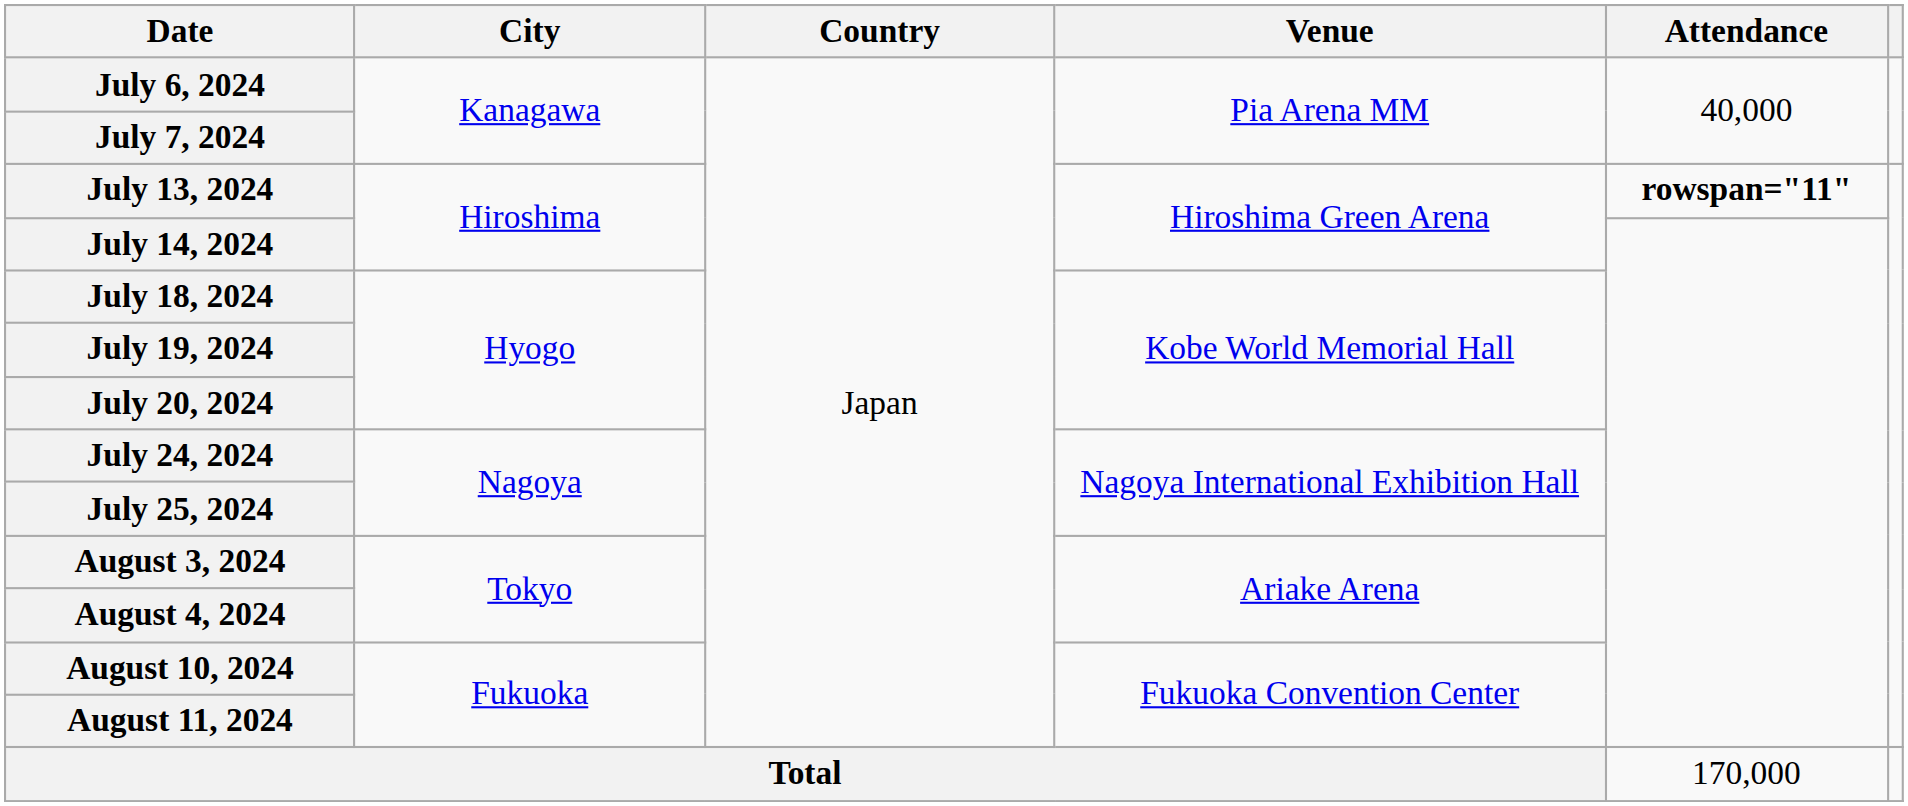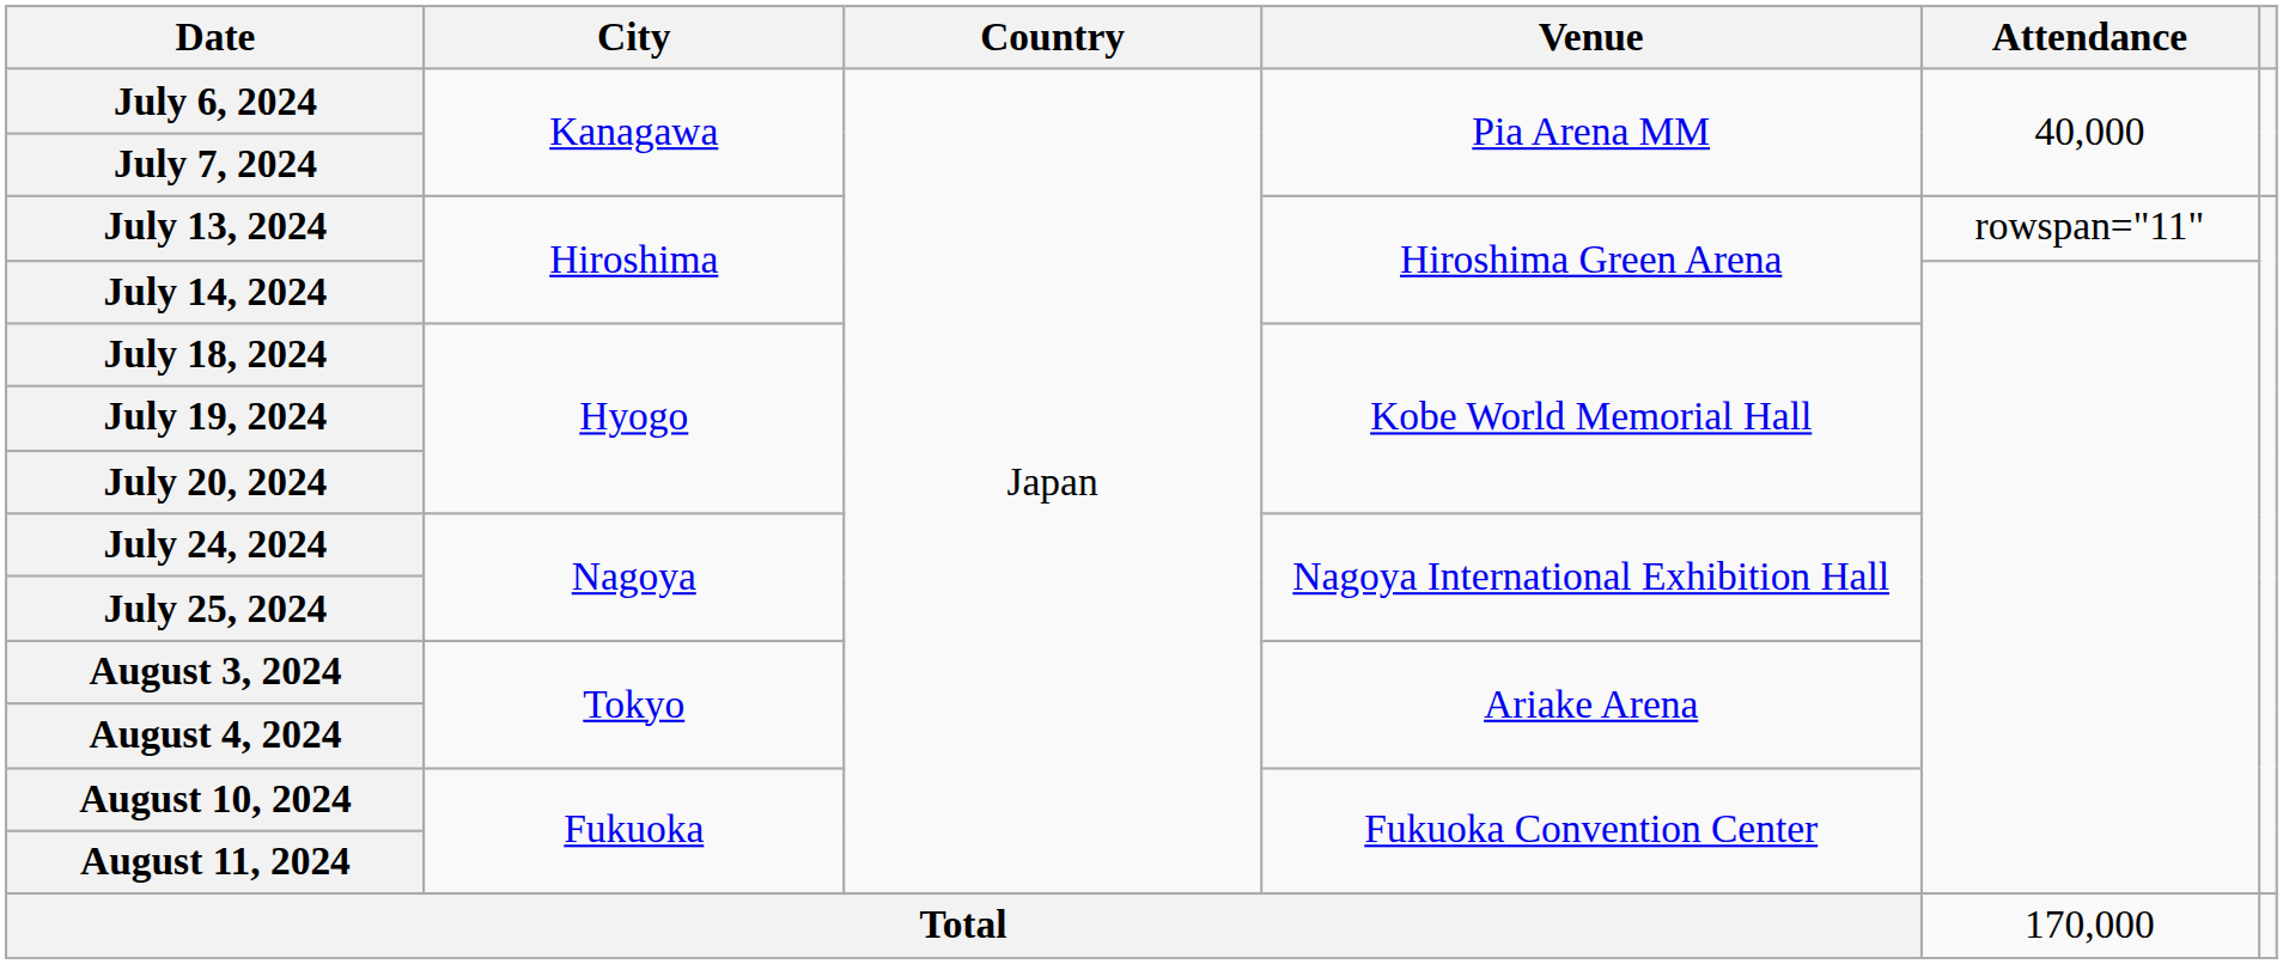 <table class="wikitable sortable plainrowheaders" style="text-align:center;">
 <tr>
 <th style="width:10em;">Date</th>
 <th style="width:10em;">City</th>
 <th style="width:10em;">Country</th>
 <th style="width:16em;">Venue</th>
 <th style="width:8em;">Attendance</th>
 <th scope="col" class="unsortable"></th>
 </tr>
 <tr>
 <th scope="row" style="text-align:center">July 6, 2024</th>
 <td rowspan="2"><a href='#'>Kanagawa</a></td>
 <td rowspan="13">Japan</td>
 <td rowspan="2"><a href='#'>Pia Arena MM</a></td>
 <td rowspan="2">40,000</td>
 <td rowspan="2"></td>
 </tr>
 <tr>
 <th scope="row" style="text-align:center">July 7, 2024</th>
 </tr>
 <tr>
 <th scope="row" style="text-align:center">July 13, 2024</th>
 <td rowspan="2"><a href='#'>Hiroshima</a></td>
 <td rowspan="2"><a href='#'>Hiroshima Green Arena</a></td>
-<td><strong>rowspan="11" </strong></td>
+<td>rowspan="11" </td>
 <td rowspan="11"></td>
 </tr>
 <tr>
 <th scope="row" style="text-align:center">July 14, 2024</th>
 </tr>
 <tr>
 <th scope="row" style="text-align:center">July 18, 2024</th>
 <td rowspan="3"><a href='#'>Hyogo</a></td>
 <td rowspan="3"><a href='#'>Kobe World Memorial Hall</a></td>
 </tr>
 <tr>
 <th scope="row" style="text-align:center">July 19, 2024</th>
 </tr>
 <tr>
 <th scope="row" style="text-align:center">July 20, 2024</th>
 </tr>
 <tr>
 <th scope="row" style="text-align:center">July 24, 2024</th>
 <td rowspan="2"><a href='#'>Nagoya</a></td>
 <td rowspan="2"><a href='#'>Nagoya International Exhibition Hall</a></td>
 </tr>
 <tr>
 <th scope="row" style="text-align:center">July 25, 2024</th>
 </tr>
 <tr>
 <th scope="row" style="text-align:center">August 3, 2024</th>
 <td rowspan="2"><a href='#'>Tokyo</a></td>
 <td rowspan="2"><a href='#'>Ariake Arena</a></td>
 </tr>
 <tr>
 <th scope="row" style="text-align:center">August 4, 2024</th>
 </tr>
 <tr>
 <th scope="row" style="text-align:center">August 10, 2024</th>
 <td rowspan="2"><a href='#'>Fukuoka</a></td>
 <td rowspan="2"><a href='#'>Fukuoka Convention Center</a></td>
 </tr>
 <tr>
 <th scope="row" style="text-align:center">August 11, 2024</th>
 </tr>
 <tr>
 <th colspan="4">Total</th>
 <td>170,000</td>
 <td></td>
 </tr>
 <tr>
 </tr>
 </table>
